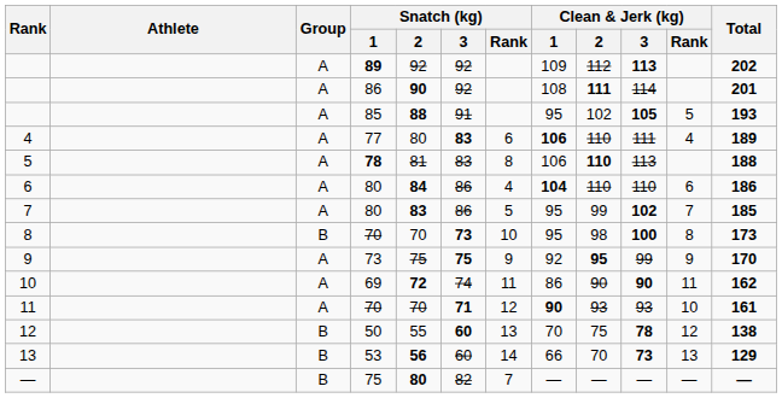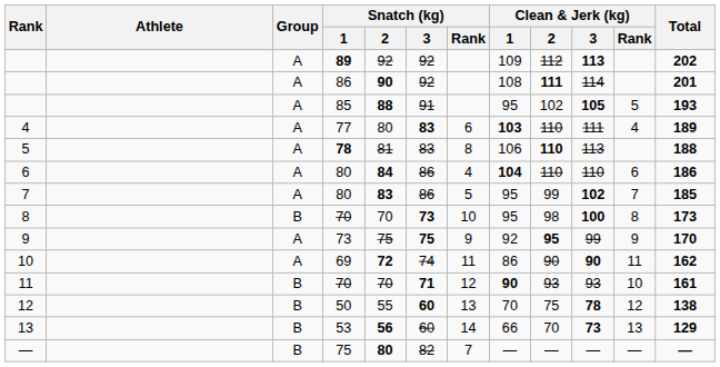 <table class = "wikitable" style="text-align:center;">
 <tr>
 <th rowspan=2 width=40>Rank</th>
 <th rowspan=2 width=250>Athlete</th>
 <th rowspan=2 width=50>Group</th>
 <th colspan=4>Snatch (kg)</th>
 <th colspan=4>Clean & Jerk (kg)</th>
 <th rowspan=2 width=60>Total</th>
 </tr>
 <tr>
 <th width=40>1</th>
 <th width=40>2</th>
 <th width=40>3</th>
 <th width=40>Rank</th>
 <th width=40>1</th>
 <th width=40>2</th>
 <th width=40>3</th>
 <th width=40>Rank</th>
 </tr>
 <tr>
 <td></td>
 <td align=left></td>
 <td>A</td>
 <td><strong>89</strong></td>
 <td><s>92</s></td>
 <td><s>92</s></td>
 <td></td>
 <td>109</td>
 <td><s>112</s></td>
 <td><strong>113</strong></td>
 <td></td>
 <td><strong>202</strong></td>
 </tr>
 <tr>
 <td></td>
 <td align=left></td>
 <td>A</td>
 <td>86</td>
 <td><strong>90</strong></td>
 <td><s>92</s></td>
 <td></td>
 <td>108</td>
 <td><strong>111</strong></td>
 <td><s>114</s></td>
 <td></td>
 <td><strong>201</strong></td>
 </tr>
 <tr>
 <td></td>
 <td align=left></td>
 <td>A</td>
 <td>85</td>
 <td><strong>88</strong></td>
 <td><s>91</s></td>
 <td></td>
 <td>95</td>
 <td>102</td>
 <td><strong>105</strong></td>
 <td>5</td>
 <td><strong>193</strong></td>
 </tr>
 <tr>
 <td>4</td>
 <td align=left></td>
 <td>A</td>
 <td>77</td>
 <td>80</td>
 <td><strong>83</strong></td>
 <td>6</td>
-<td><strong>106</strong></td>
+<td><strong>103</strong></td>
 <td><s>110</s></td>
 <td><s>111</s></td>
 <td>4</td>
 <td><strong>189</strong></td>
 </tr>
 <tr>
 <td>5</td>
 <td align=left></td>
 <td>A</td>
 <td><strong>78</strong></td>
 <td><s>81</s></td>
 <td><s>83</s></td>
 <td>8</td>
 <td>106</td>
 <td><strong>110</strong></td>
 <td><s>113</s></td>
 <td></td>
 <td><strong>188</strong></td>
 </tr>
 <tr>
 <td>6</td>
 <td align=left></td>
 <td>A</td>
 <td>80</td>
 <td><strong>84</strong></td>
 <td><s>86</s></td>
 <td>4</td>
 <td><strong>104</strong></td>
 <td><s>110</s></td>
 <td><s>110</s></td>
 <td>6</td>
 <td><strong>186</strong></td>
 </tr>
 <tr>
 <td>7</td>
 <td align=left></td>
 <td>A</td>
 <td>80</td>
 <td><strong>83</strong></td>
 <td><s>86</s></td>
 <td>5</td>
 <td>95</td>
 <td>99</td>
 <td><strong>102</strong></td>
 <td>7</td>
 <td><strong>185</strong></td>
 </tr>
 <tr>
 <td>8</td>
 <td align=left></td>
 <td>B</td>
 <td><s>70</s></td>
 <td>70</td>
 <td><strong>73</strong></td>
 <td>10</td>
 <td>95</td>
 <td>98</td>
 <td><strong>100</strong></td>
 <td>8</td>
 <td><strong>173</strong></td>
 </tr>
 <tr>
 <td>9</td>
 <td align=left></td>
 <td>A</td>
 <td>73</td>
 <td><s>75</s></td>
 <td><strong>75</strong></td>
 <td>9</td>
 <td>92</td>
 <td><strong>95</strong></td>
 <td><s>99</s></td>
 <td>9</td>
 <td><strong>170</strong></td>
 </tr>
 <tr>
 <td>10</td>
 <td align=left></td>
 <td>A</td>
 <td>69</td>
 <td><strong>72</strong></td>
 <td><s>74</s></td>
 <td>11</td>
 <td>86</td>
 <td><s>90</s></td>
 <td><strong>90</strong></td>
 <td>11</td>
 <td><strong>162</strong></td>
 </tr>
 <tr>
 <td>11</td>
 <td align=left></td>
-<td>A</td>
+<td>B</td>
 <td><s>70</s></td>
 <td><s>70</s></td>
 <td><strong>71</strong></td>
 <td>12</td>
 <td><strong>90</strong></td>
 <td><s>93</s></td>
 <td><s>93</s></td>
 <td>10</td>
 <td><strong>161</strong></td>
 </tr>
 <tr>
 <td>12</td>
 <td align=left></td>
 <td>B</td>
 <td>50</td>
 <td>55</td>
 <td><strong>60</strong></td>
 <td>13</td>
 <td>70</td>
 <td>75</td>
 <td><strong>78</strong></td>
 <td>12</td>
 <td><strong>138</strong></td>
 </tr>
 <tr>
 <td>13</td>
 <td align=left></td>
 <td>B</td>
 <td>53</td>
 <td><strong>56</strong></td>
 <td><s>60</s></td>
 <td>14</td>
 <td>66</td>
 <td>70</td>
 <td><strong>73</strong></td>
 <td>13</td>
 <td><strong>129</strong></td>
 </tr>
 <tr>
 <td>—</td>
 <td align=left></td>
 <td>B</td>
 <td>75</td>
 <td><strong>80</strong></td>
 <td><s>82</s></td>
 <td>7</td>
 <td>—</td>
 <td>—</td>
 <td>—</td>
 <td>—</td>
 <td><strong>—</strong></td>
 </tr>
 </table>
